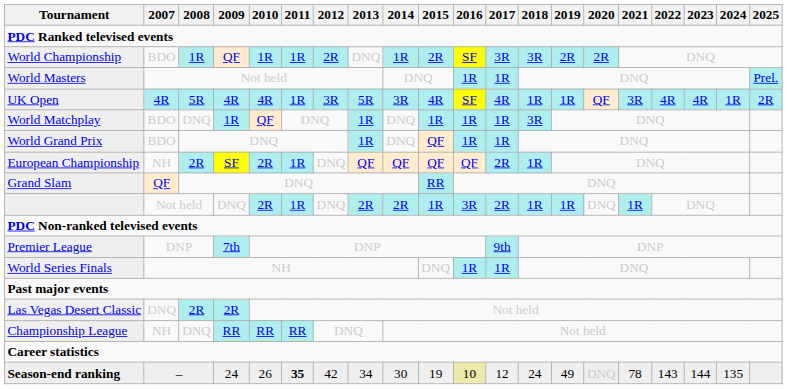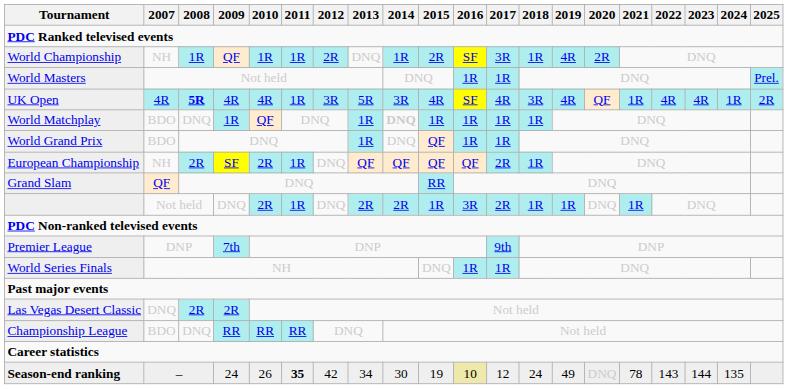 <table class="wikitable">
 <tr>
 <th>Tournament</th>
 <th>2007</th>
 <th>2008</th>
 <th>2009</th>
 <th>2010</th>
 <th>2011</th>
 <th>2012</th>
 <th>2013</th>
 <th>2014</th>
 <th>2015</th>
 <th>2016</th>
 <th>2017</th>
 <th>2018</th>
 <th>2019</th>
 <th>2020</th>
 <th>2021</th>
 <th>2022</th>
 <th>2023</th>
 <th>2024</th>
 <th>2025</th>
 </tr>
 <tr>
 <td colspan="31" align="left"><strong><a href='#'>PDC</a> Ranked televised events</strong></td>
 </tr>
 <tr>
 <td style="background:#efefef;"><a href='#'>World Championship</a></td>
-<td style="text-align:center; color:#ccc;">BDO</td>
+<td style="text-align:center; color:#ccc;">NH</td>
 <td style="text-align:center; background:#afeeee;"><a href='#'>1R</a></td>
 <td style="text-align:center; background:#ffebcd;"><a href='#'>QF</a></td>
 <td style="text-align:center; background:#afeeee;"><a href='#'>1R</a></td>
 <td style="text-align:center; background:#afeeee;"><a href='#'>1R</a></td>
 <td style="text-align:center; background:#afeeee;"><a href='#'>2R</a></td>
 <td style="text-align:center; color:#ccc;">DNQ</td>
 <td style="text-align:center; background:#afeeee;"><a href='#'>1R</a></td>
 <td style="text-align:center; background:#afeeee;"><a href='#'>2R</a></td>
 <td style="text-align:center; background:yellow;"><a href='#'>SF</a></td>
 <td style="text-align:center; background:#afeeee;"><a href='#'>3R</a></td>
-<td style="text-align:center; background:#afeeee;"><a href='#'>3R</a></td>
-<td style="text-align:center; background:#afeeee;"><a href='#'>2R</a></td>
+<td style="text-align:center; background:#afeeee;"><a href='#'>1R</a></td>
+<td style="text-align:center; background:#afeeee;"><a href='#'>4R</a></td>
 <td style="text-align:center; background:#afeeee;"><a href='#'>2R</a></td>
 <td colspan="5" style="text-align:center; color:#ccc;">DNQ</td>
 </tr>
 <tr>
 <td style="background:#efefef;"><a href='#'>World Masters</a></td>
 <td colspan="7" style="text-align:center; color:#ccc;">Not held</td>
 <td colspan="2" style="text-align:center; color:#ccc;">DNQ</td>
 <td style="text-align:center; background:#afeeee;"><a href='#'>1R</a></td>
 <td style="text-align:center; background:#afeeee;"><a href='#'>1R</a></td>
 <td colspan="7" style="text-align:center; color:#ccc;">DNQ</td>
 <td style="text-align:center; background:#afeeee;"><a href='#'>Prel.</a></td>
 </tr>
 <tr>
 <td style="background:#efefef;"><a href='#'>UK Open</a></td>
 <td style="text-align:center; background:#afeeee;"><a href='#'>4R</a></td>
-<td style="text-align:center; background:#afeeee;"><a href='#'>5R</a></td>
+<td style="text-align:center; background:#afeeee;"><strong><a href='#'>5R</a></strong></td>
 <td style="text-align:center; background:#afeeee;"><a href='#'>4R</a></td>
 <td style="text-align:center; background:#afeeee;"><a href='#'>4R</a></td>
 <td style="text-align:center; background:#afeeee;"><a href='#'>1R</a></td>
 <td style="text-align:center; background:#afeeee;"><a href='#'>3R</a></td>
 <td style="text-align:center; background:#afeeee;"><a href='#'>5R</a></td>
 <td style="text-align:center; background:#afeeee;"><a href='#'>3R</a></td>
 <td style="text-align:center; background:#afeeee;"><a href='#'>4R</a></td>
 <td style="text-align:center; background:yellow;"><a href='#'>SF</a></td>
 <td style="text-align:center; background:#afeeee;"><a href='#'>4R</a></td>
+<td style="text-align:center; background:#afeeee;"><a href='#'>3R</a></td>
+<td style="text-align:center; background:#afeeee;"><a href='#'>4R</a></td>
+<td style="text-align:center; background:#ffebcd;"><a href='#'>QF</a></td>
 <td style="text-align:center; background:#afeeee;"><a href='#'>1R</a></td>
-<td style="text-align:center; background:#afeeee;"><a href='#'>1R</a></td>
-<td style="text-align:center; background:#ffebcd;"><a href='#'>QF</a></td>
-<td style="text-align:center; background:#afeeee;"><a href='#'>3R</a></td>
 <td style="text-align:center; background:#afeeee;"><a href='#'>4R</a></td>
 <td style="text-align:center; background:#afeeee;"><a href='#'>4R</a></td>
 <td style="text-align:center; background:#afeeee;"><a href='#'>1R</a></td>
 <td style="text-align:center; background:#afeeee;"><a href='#'>2R</a></td>
 </tr>
 <tr>
 <td style="background:#efefef;"><a href='#'>World Matchplay</a></td>
 <td style="text-align:center; color:#ccc;">BDO</td>
 <td style="text-align:center; color:#ccc;">DNQ</td>
 <td style="text-align:center; background:#afeeee;"><a href='#'>1R</a></td>
 <td style="text-align:center; background:#ffebcd;"><a href='#'>QF</a></td>
 <td colspan="2" style="text-align:center; color:#ccc;">DNQ</td>
 <td style="text-align:center; background:#afeeee;"><a href='#'>1R</a></td>
-<td style="text-align:center; color:#ccc;">DNQ</td>
+<td style="text-align:center; color:#ccc;"><strong>DNQ</strong></td>
 <td style="text-align:center; background:#afeeee;"><a href='#'>1R</a></td>
 <td style="text-align:center; background:#afeeee;"><a href='#'>1R</a></td>
 <td style="text-align:center; background:#afeeee;"><a href='#'>1R</a></td>
-<td style="text-align:center; background:#afeeee;"><a href='#'>3R</a></td>
+<td style="text-align:center; background:#afeeee;"><a href='#'>1R</a></td>
 <td colspan="6" style="text-align:center; color:#ccc;">DNQ</td>
 <td></td>
 </tr>
 <tr>
 <td style="background:#efefef;"><a href='#'>World Grand Prix</a></td>
 <td style="text-align:center; color:#ccc;">BDO</td>
 <td colspan="5" style="text-align:center; color:#ccc;">DNQ</td>
 <td style="text-align:center; background:#afeeee;"><a href='#'>1R</a></td>
 <td style="text-align:center; color:#ccc;">DNQ</td>
 <td style="text-align:center; background:#ffebcd;"><a href='#'>QF</a></td>
 <td style="text-align:center; background:#afeeee;"><a href='#'>1R</a></td>
 <td style="text-align:center; background:#afeeee;"><a href='#'>1R</a></td>
 <td colspan="7" style="text-align:center; color:#ccc;">DNQ</td>
 <td></td>
 </tr>
 <tr>
 <td style="background:#efefef;"><a href='#'>European Championship</a></td>
 <td style="text-align:center; color:#ccc;">NH</td>
 <td style="text-align:center; background:#afeeee;"><a href='#'>2R</a></td>
 <td style="text-align:center; background:yellow;"><a href='#'>SF</a></td>
 <td style="text-align:center; background:#afeeee;"><a href='#'>2R</a></td>
 <td style="text-align:center; background:#afeeee;"><a href='#'>1R</a></td>
 <td style="text-align:center; color:#ccc;">DNQ</td>
 <td style="text-align:center; background:#ffebcd;"><a href='#'>QF</a></td>
 <td style="text-align:center; background:#ffebcd;"><a href='#'>QF</a></td>
 <td style="text-align:center; background:#ffebcd;"><a href='#'>QF</a></td>
 <td style="text-align:center; background:#ffebcd;"><a href='#'>QF</a></td>
 <td style="text-align:center; background:#afeeee;"><a href='#'>2R</a></td>
 <td style="text-align:center; background:#afeeee;"><a href='#'>1R</a></td>
 <td colspan="6" style="text-align:center; color:#ccc;">DNQ</td>
 <td></td>
 </tr>
 <tr>
 <td style="background:#efefef;"><a href='#'>Grand Slam</a></td>
 <td style="text-align:center; background:#ffebcd;"><a href='#'>QF</a></td>
 <td colspan="7" style="text-align:center; color:#ccc;">DNQ</td>
 <td style="text-align:center; background:#afeeee;"><a href='#'>RR</a></td>
 <td colspan="9" style="text-align:center; color:#ccc;">DNQ</td>
 <td></td>
 </tr>
 <tr>
 <td style="background:#efefef;"></td>
 <td colspan="2" style="text-align:center; color:#ccc;">Not held</td>
 <td style="text-align:center; color:#ccc;">DNQ</td>
 <td style="text-align:center; background:#afeeee;"><a href='#'>2R</a></td>
 <td style="text-align:center; background:#afeeee; width:10px;"><a href='#'>1R</a></td>
 <td style="text-align:center; color:#ccc;">DNQ</td>
 <td style="text-align:center; background:#afeeee;"><a href='#'>2R</a></td>
 <td style="text-align:center; background:#afeeee;"><a href='#'>2R</a></td>
 <td style="text-align:center; background:#afeeee;"><a href='#'>1R</a></td>
 <td style="text-align:center; background:#afeeee;"><a href='#'>3R</a></td>
 <td style="text-align:center; background:#afeeee;"><a href='#'>2R</a></td>
 <td style="text-align:center; background:#afeeee;"><a href='#'>1R</a></td>
 <td style="text-align:center; background:#afeeee;"><a href='#'>1R</a></td>
 <td style="text-align:center; color:#ccc;">DNQ</td>
 <td style="text-align:center; background:#afeeee;"><a href='#'>1R</a></td>
 <td colspan="3" style="text-align:center; color:#ccc;">DNQ</td>
 <td></td>
 </tr>
 <tr>
 <td colspan="30" align="left"><strong><a href='#'>PDC</a> Non-ranked televised events</strong></td>
 </tr>
 <tr>
 <td style="background:#efefef;"><a href='#'>Premier League</a></td>
 <td colspan="2" style="text-align:center; color:#ccc;">DNP</td>
 <td style="text-align:center; background:#afeeee;"><a href='#'>7th</a></td>
 <td colspan="7" style="text-align:center; color:#ccc;">DNP</td>
 <td style="text-align:center; background:#afeeee;"><a href='#'>9th</a></td>
 <td colspan="8" style="text-align:center; color:#ccc;">DNP</td>
 </tr>
 <tr>
 <td style="background:#efefef;"><a href='#'>World Series Finals</a></td>
 <td colspan="8" style="text-align:center; color:#ccc;">NH</td>
 <td style="text-align:center; color:#ccc;">DNQ</td>
 <td style="text-align:center; background:#afeeee;"><a href='#'>1R</a></td>
 <td style="text-align:center; background:#afeeee;"><a href='#'>1R</a></td>
 <td colspan="7" style="text-align:center; color:#ccc;">DNQ</td>
 <td></td>
 </tr>
 <tr>
 <td colspan="30" align="left"><strong>Past major events</strong></td>
 </tr>
 <tr>
 <td style="background:#efefef;"><a href='#'>Las Vegas Desert Classic</a></td>
 <td style="text-align:center; color:#ccc;">DNQ</td>
 <td style="text-align:center; background:#afeeee;"><a href='#'>2R</a></td>
 <td style="text-align:center; background:#afeeee;"><a href='#'>2R</a></td>
 <td colspan="16" style="text-align:center; color:#ccc;">Not held</td>
 </tr>
 <tr>
 <td style="background:#efefef;"><a href='#'>Championship League</a></td>
-<td style="text-align:center; color:#ccc;">NH</td>
+<td style="text-align:center; color:#ccc;">BDO</td>
 <td style="text-align:center; color:#ccc;">DNQ</td>
 <td style="text-align:center; background:#afeeee;"><a href='#'>RR</a></td>
 <td style="text-align:center; background:#afeeee;"><a href='#'>RR</a></td>
 <td style="text-align:center; background:#afeeee;"><a href='#'>RR</a></td>
 <td colspan="2" style="text-align:center; color:#ccc;">DNQ</td>
 <td colspan="12" style="text-align:center; color:#ccc;">Not held</td>
 </tr>
 <tr>
 <td colspan="31" align="left"><strong>Career statistics</strong></td>
 </tr>
 <tr bgcolor="efefef">
 <td align="left"><strong>Season-end ranking</strong></td>
 <td colspan="2" style="text-align:center;">–</td>
 <td style="text-align:center;">24</td>
 <td style="text-align:center;">26</td>
 <td style="text-align:center;"><strong>35</strong></td>
 <td style="text-align:center;">42</td>
 <td style="text-align:center;">34</td>
 <td style="text-align:center;">30</td>
 <td style="text-align:center;">19</td>
 <td style="text-align:center; background:#eee8aa;">10</td>
 <td style="text-align:center;">12</td>
 <td style="text-align:center;">24</td>
 <td style="text-align:center;">49</td>
 <td style="text-align:center; color:#ccc;">DNQ</td>
 <td style="text-align:center;">78</td>
 <td style="text-align:center;">143</td>
 <td style="text-align:center;">144</td>
 <td style="text-align:center;">135</td>
 <td></td>
 </tr>
 </table>
